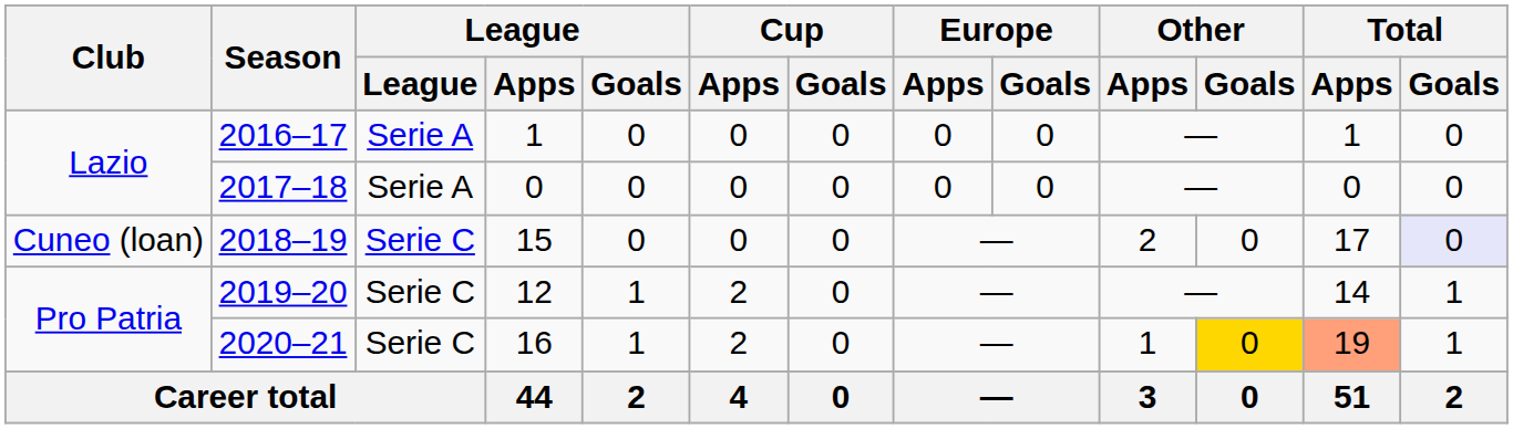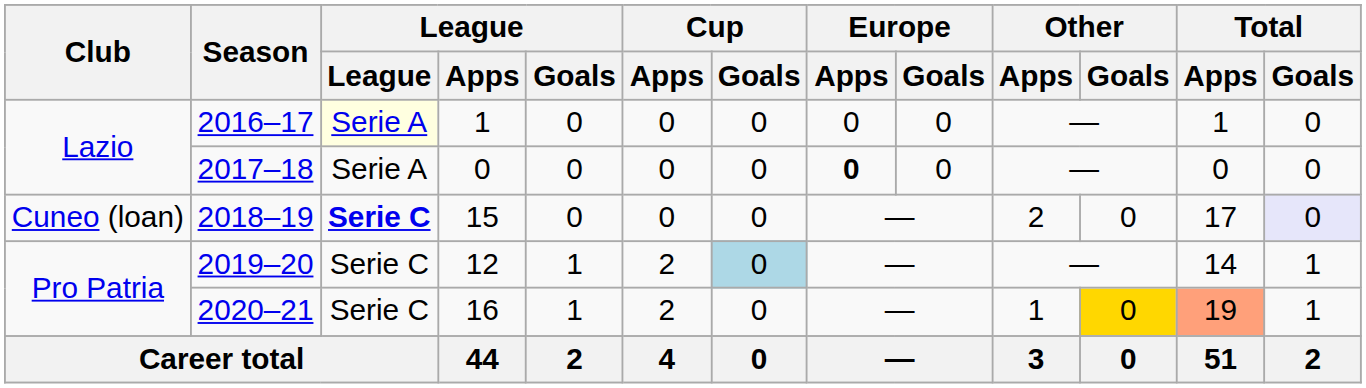 <table class="wikitable" style="text-align: center;">
 <tr>
 <th rowspan="2">Club</th>
 <th rowspan="2">Season</th>
 <th colspan="3">League</th>
 <th colspan="2">Cup</th>
 <th colspan="2">Europe</th>
 <th colspan="2">Other</th>
 <th colspan="2">Total</th>
 </tr>
 <tr>
 <th>League</th>
 <th>Apps</th>
 <th>Goals</th>
 <th>Apps</th>
 <th>Goals</th>
 <th>Apps</th>
 <th>Goals</th>
 <th>Apps</th>
 <th>Goals</th>
 <th>Apps</th>
 <th>Goals</th>
 </tr>
 <tr>
 <td rowspan="2"><a href='#'>Lazio</a></td>
 <td><a href='#'>2016–17</a></td>
-<td><a href='#'>Serie A</a></td>
+<td style="background: lightyellow;"><a href='#'>Serie A</a></td>
 <td>1</td>
 <td>0</td>
 <td>0</td>
 <td>0</td>
 <td>0</td>
 <td>0</td>
 <td colspan="2">—</td>
 <td>1</td>
 <td>0</td>
 </tr>
 <tr>
 <td><a href='#'>2017–18</a></td>
 <td>Serie A</td>
 <td>0</td>
 <td>0</td>
 <td>0</td>
 <td>0</td>
-<td>0</td>
+<td><strong>0</strong></td>
 <td>0</td>
 <td colspan="2">—</td>
 <td>0</td>
 <td>0</td>
 </tr>
 <tr>
 <td><a href='#'>Cuneo</a> (loan)</td>
 <td><a href='#'>2018–19</a></td>
-<td><a href='#'>Serie C</a></td>
+<td><strong><a href='#'>Serie C</a></strong></td>
 <td>15</td>
 <td>0</td>
 <td>0</td>
 <td 0>0</td>
 <td colspan="2">—</td>
 <td>2</td>
 <td>0</td>
 <td>17</td>
 <td style="background: lavender;">0</td>
 </tr>
 <tr>
 <td rowspan="2"><a href='#'>Pro Patria</a></td>
 <td><a href='#'>2019–20</a></td>
 <td>Serie C</td>
 <td>12</td>
 <td>1</td>
 <td>2</td>
-<td>0</td>
+<td style="background: lightblue;">0</td>
 <td colspan="2">—</td>
 <td colspan="2">—</td>
 <td>14</td>
 <td>1</td>
 </tr>
 <tr>
 <td><a href='#'>2020–21</a></td>
 <td>Serie C</td>
 <td>16</td>
 <td>1</td>
 <td>2</td>
 <td>0</td>
 <td colspan="2">—</td>
 <td>1</td>
 <td style="background: gold;">0</td>
 <td style="background: lightsalmon;">19</td>
 <td>1</td>
 </tr>
 <tr>
 <th colspan="3">Career total</th>
 <th>44</th>
 <th>2</th>
 <th>4</th>
 <th>0</th>
 <th colspan="2">—</th>
 <th>3</th>
 <th>0</th>
 <th>51</th>
 <th>2</th>
 </tr>
 </table>
